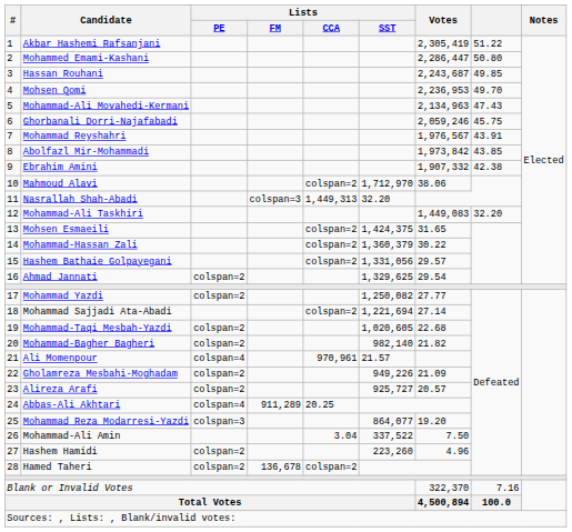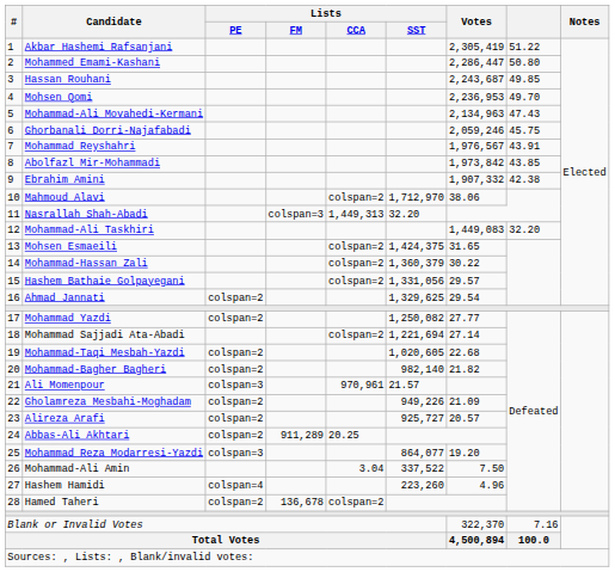 <table class=wikitable style=text-align:left>
 <tr>
 <th rowspan="2">#</th>
 <th rowspan="2">Candidate</th>
 <th colspan="4">Lists</th>
 <th rowspan="2">Votes</th>
 <th rowspan="2"></th>
 <th rowspan="2">Notes</th>
 </tr>
 <tr>
 <th><a href='#'>PE</a></th>
 <th><a href='#'>FM</a></th>
 <th><a href='#'>CCA</a></th>
 <th><a href='#'>SST</a></th>
 </tr>
 <tr>
 <td>1</td>
 <td><a href='#'>Akbar Hashemi Rafsanjani</a></td>
 <td style="text-align:center;"></td>
 <td style="text-align:center;"></td>
 <td style="text-align:center;"></td>
 <td></td>
 <td>2,305,419</td>
 <td>51.22</td>
 <td rowspan="16" align=center>Elected</td>
 </tr>
 <tr>
 <td>2</td>
 <td><a href='#'>Mohammed Emami-Kashani</a></td>
 <td style="text-align:center;"></td>
 <td style="text-align:center;"></td>
 <td style="text-align:center;"></td>
 <td style="text-align:center;"></td>
 <td>2,286,447</td>
 <td>50.80</td>
 </tr>
 <tr>
 <td>3</td>
 <td><a href='#'>Hassan Rouhani</a></td>
 <td style="text-align:center;"></td>
 <td style="text-align:center;"></td>
 <td style="text-align:center;"></td>
 <td style="text-align:center;"></td>
 <td>2,243,687</td>
 <td>49.85</td>
 </tr>
 <tr>
 <td>4</td>
 <td><a href='#'>Mohsen Qomi</a></td>
 <td style="text-align:center;"></td>
 <td style="text-align:center;"></td>
 <td style="text-align:center;"></td>
 <td style="text-align:center;"></td>
 <td>2,236,953</td>
 <td>49.70</td>
 </tr>
 <tr>
 <td>5</td>
 <td><a href='#'>Mohammad-Ali Movahedi-Kermani</a></td>
 <td style="text-align:center;"></td>
 <td style="text-align:center;"></td>
 <td style="text-align:center;"></td>
 <td style="text-align:center;"></td>
 <td>2,134,963</td>
 <td>47.43</td>
 </tr>
 <tr>
 <td>6</td>
 <td><a href='#'>Ghorbanali Dorri-Najafabadi</a></td>
 <td style="text-align:center;"></td>
 <td style="text-align:center;"></td>
 <td style="text-align:center;"></td>
 <td style="text-align:center;"></td>
 <td>2,059,246</td>
 <td>45.75</td>
 </tr>
 <tr>
 <td>7</td>
 <td><a href='#'>Mohammad Reyshahri</a></td>
 <td style="text-align:center;"></td>
 <td style="text-align:center;"></td>
 <td style="text-align:center;"></td>
 <td style="text-align:center;"></td>
 <td>1,976,567</td>
 <td>43.91</td>
 </tr>
 <tr>
 <td>8</td>
 <td><a href='#'>Abolfazl Mir-Mohammadi</a></td>
 <td style="text-align:center;"></td>
 <td style="text-align:center;"></td>
 <td style="text-align:center;"></td>
 <td style="text-align:center;"></td>
 <td>1,973,842</td>
 <td>43.85</td>
 </tr>
 <tr>
 <td>9</td>
 <td><a href='#'>Ebrahim Amini</a></td>
 <td style="text-align:center;"></td>
 <td style="text-align:center;"></td>
 <td style="text-align:center;"></td>
 <td style="text-align:center;"></td>
 <td>1,907,332</td>
 <td>42.38</td>
 </tr>
 <tr>
 <td>10</td>
 <td><a href='#'>Mahmoud Alavi</a></td>
 <td style="text-align:center;"></td>
 <td style="text-align:center;"></td>
 <td>colspan=2 </td>
 <td>1,712,970</td>
 <td>38.06</td>
 </tr>
 <tr>
 <td>11</td>
 <td><a href='#'>Nasrallah Shah-Abadi</a></td>
 <td style="text-align:center;"></td>
 <td>colspan=3 </td>
 <td>1,449,313</td>
 <td>32.20</td>
 </tr>
 <tr>
 <td>12</td>
 <td><a href='#'>Mohammad-Ali Taskhiri</a></td>
 <td style="text-align:center;"></td>
 <td style="text-align:center;"></td>
 <td style="text-align:center;"></td>
 <td></td>
 <td>1,449,083</td>
 <td>32.20</td>
 </tr>
 <tr>
 <td>13</td>
 <td><a href='#'>Mohsen Esmaeili</a></td>
 <td style="text-align:center;"></td>
 <td style="text-align:center;"></td>
 <td>colspan=2 </td>
 <td>1,424,375</td>
 <td>31.65</td>
 </tr>
 <tr>
 <td>14</td>
 <td><a href='#'>Mohammad-Hassan Zali</a></td>
 <td style="text-align:center;"></td>
 <td style="text-align:center;"></td>
 <td>colspan=2 </td>
 <td>1,360,379</td>
 <td>30.22</td>
 </tr>
 <tr>
 <td>15</td>
 <td><a href='#'>Hashem Bathaie Golpayegani</a></td>
 <td style="text-align:center;"></td>
 <td style="text-align:center;"></td>
 <td>colspan=2 </td>
 <td>1,331,056</td>
 <td>29.57</td>
 </tr>
 <tr>
 <td>16</td>
 <td><a href='#'>Ahmad Jannati</a></td>
 <td>colspan=2 </td>
 <td style="text-align:center;"></td>
 <td style="text-align:center;"></td>
 <td>1,329,625</td>
 <td>29.54</td>
 </tr>
 <tr>
 <td colspan="9" style="background:#E9E9E9;"></td>
 </tr>
 <tr>
 <td>17</td>
 <td><a href='#'>Mohammad Yazdi</a></td>
 <td>colspan=2 </td>
 <td style="text-align:center;"></td>
 <td style="text-align:center;"></td>
 <td>1,250,082</td>
 <td>27.77</td>
 <td rowspan="12" align=center>Defeated</td>
 </tr>
 <tr>
 <td>18</td>
 <td>Mohammad Sajjadi Ata-Abadi</td>
 <td style="text-align:center;"></td>
 <td style="text-align:center;"></td>
 <td>colspan=2 </td>
 <td>1,221,694</td>
 <td>27.14</td>
 </tr>
 <tr>
 <td>19</td>
 <td><a href='#'>Mohammad-Taqi Mesbah-Yazdi</a></td>
 <td>colspan=2 </td>
 <td style="text-align:center;"></td>
 <td style="text-align:center;"></td>
 <td>1,020,605</td>
 <td>22.68</td>
 </tr>
 <tr>
 <td>20</td>
 <td><a href='#'>Mohammad-Bagher Bagheri</a></td>
 <td>colspan=2 </td>
 <td style="text-align:center;"></td>
 <td style="text-align:center;"></td>
 <td align=right>982,140</td>
 <td>21.82</td>
 </tr>
 <tr>
 <td>21</td>
 <td><a href='#'>Ali Momenpour</a></td>
-<td>colspan=4 </td>
+<td>colspan=3 </td>
 <td style="text-align:center;"></td>
 <td align=right>970,961</td>
 <td>21.57</td>
 </tr>
 <tr>
 <td>22</td>
 <td><a href='#'>Gholamreza Mesbahi-Moghadam</a></td>
 <td>colspan=2 </td>
 <td style="text-align:center;"></td>
 <td style="text-align:center;"></td>
 <td align=right>949,226</td>
 <td>21.09</td>
 </tr>
 <tr>
 <td>23</td>
 <td><a href='#'>Alireza Arafi</a></td>
 <td>colspan=2 </td>
 <td style="text-align:center;"></td>
 <td style="text-align:center;"></td>
 <td align=right>925,727</td>
 <td>20.57</td>
 </tr>
 <tr>
 <td>24</td>
 <td><a href='#'>Abbas-Ali Akhtari</a></td>
-<td>colspan=4 </td>
+<td>colspan=2 </td>
 <td align=right>911,289</td>
 <td>20.25</td>
 </tr>
 <tr>
 <td>25</td>
 <td><a href='#'>Mohammad Reza Modarresi-Yazdi</a></td>
 <td>colspan=3 </td>
 <td style="text-align:center;"></td>
 <td style="text-align:center;"></td>
 <td align=right>864,077</td>
 <td>19.20</td>
 </tr>
 <tr>
 <td>26</td>
 <td>Mohammad-Ali Amin</td>
 <td></td>
 <td style="text-align:center;"></td>
 <td align=right>3.04</td>
 <td align=right>337,522</td>
 <td align=right>7.50</td>
 </tr>
 <tr>
 <td>27</td>
 <td>Hashem Hamidi</td>
-<td>colspan=2 </td>
+<td>colspan=4 </td>
 <td style="text-align:center;"></td>
 <td></td>
 <td align=right>223,260</td>
 <td align=right>4.96</td>
 </tr>
 <tr>
 <td>28</td>
 <td>Hamed Taheri</td>
 <td>colspan=2 </td>
 <td align=right>136,678</td>
 <td>colspan=2 </td>
 </tr>
 <tr>
 <td colspan="9" style="background:#E9E9E9;"></td>
 </tr>
 <tr>
 <td colspan="6"><em>Blank or Invalid Votes</em></td>
 <td align=right>322,370</td>
 <td align=right>7.16</td>
 </tr>
 <tr>
 <th colspan="6">Total Votes</th>
 <th>4,500,894</th>
 <th>100.0</th>
 </tr>
 <tr>
 <td colspan="9" style="text-align:left;">Sources: , Lists:    , Blank/invalid votes: </td>
 </tr>
 </table>
